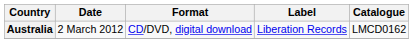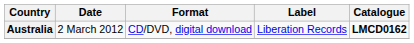 <table class="wikitable plainrowheaders">
 <tr>
 <th scope="col">Country</th>
 <th scope="col">Date</th>
 <th scope="col">Format</th>
 <th scope="col">Label</th>
 <th scope="col">Catalogue</th>
 </tr>
 <tr>
 <th scope="row">Australia</th>
 <td>2 March 2012</td>
 <td><a href='#'>CD</a>/DVD, <a href='#'>digital download</a></td>
 <td><a href='#'>Liberation Records</a></td>
-<td>LMCD0162</td>
+<td><strong>LMCD0162</strong></td>
 </tr>
 <tr>
 </tr>
 </table>
